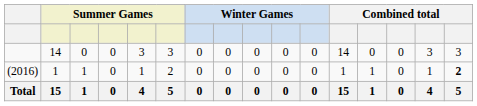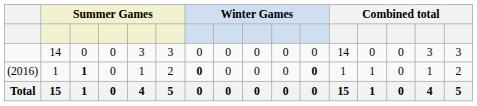 <table class="wikitable sortable" style="margin-top:0; text-align:center; font-size:90%;">
 <tr>
 <th></th>
 <th align="center" style="background-color:#f2f2ce;" colspan="5" ;>Summer Games</th>
 <th align="center" style="background-color:#cedff2;" colspan="5" ;>Winter Games</th>
 <th align="center" colspan="5" ;>Combined total</th>
 </tr>
 <tr>
 <th></th>
 <th style="background-color:#f2f2ce; width:2em;"><br></th>
 <th style="background-color:#f2f2ce; width:2em;"><br></th>
 <th style="background-color:#f2f2ce; width:2em;"><br></th>
 <th style="background-color:#f2f2ce; width:2em;"><br></th>
 <th style="background-color:#f2f2ce; width:2em;"><br></th>
 <th style="background-color:#cedff2; width:2em;"><br></th>
 <th style="background-color:#cedff2; width:2em;"><br></th>
 <th style="background-color:#cedff2; width:2em;"><br></th>
 <th style="background-color:#cedff2; width:2em;"><br></th>
 <th style="background-color:#cedff2; width:2em;"><br></th>
 <th style="width:2em;"><br></th>
 <th style="width:2em;"><br></th>
 <th style="width:2em;"><br></th>
 <th style="width:2em;"><br></th>
 <th style="width:2em;"><br></th>
 </tr>
 <tr>
 <td align=left></td>
 <td>14</td>
 <td>0</td>
 <td>0</td>
 <td>3</td>
 <td>3</td>
 <td>0</td>
 <td>0</td>
 <td>0</td>
 <td>0</td>
 <td>0</td>
 <td>14</td>
 <td>0</td>
 <td>0</td>
 <td>3</td>
 <td>3</td>
 </tr>
 <tr>
 <td align=left> (2016)</td>
 <td>1</td>
+<td><strong>1</strong></td>
+<td>0</td>
+<td>1</td>
+<td>2</td>
+<td><strong>0</strong></td>
+<td>0</td>
+<td>0</td>
+<td>0</td>
+<td><strong>0</strong></td>
+<td>1</td>
 <td>1</td>
 <td>0</td>
 <td>1</td>
 <td>2</td>
-<td>0</td>
-<td>0</td>
-<td>0</td>
-<td>0</td>
-<td>0</td>
-<td>1</td>
-<td>1</td>
-<td>0</td>
-<td>1</td>
-<td><strong>2</strong></td>
 </tr>
 <tr>
 <th style="text-align: center;">Total</th>
 <th>15</th>
 <th>1</th>
 <th>0</th>
 <th>4</th>
 <th>5</th>
 <th>0</th>
 <th>0</th>
 <th>0</th>
 <th>0</th>
 <th>0</th>
 <th>15</th>
 <th>1</th>
 <th>0</th>
 <th>4</th>
 <th>5</th>
 </tr>
 </table>
